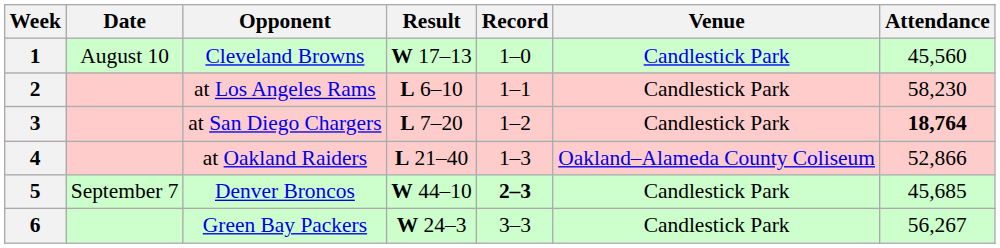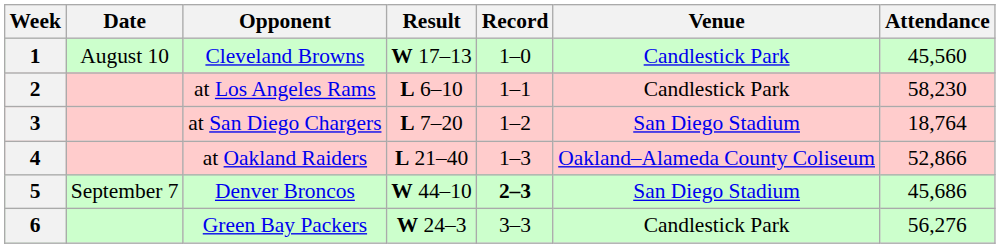 <table class="wikitable" style="text-align:center">
 <tr>
 <th>Week</th>
 <th>Date</th>
 <th>Opponent</th>
 <th>Result</th>
 <th>Record</th>
 <th>Venue</th>
 <th>Attendance</th>
 </tr>
 <tr style="background:#cfc">
 <th>1</th>
 <td>August 10</td>
 <td><a href='#'>Cleveland Browns</a></td>
 <td><strong>W</strong> 17–13</td>
 <td>1–0</td>
 <td><a href='#'>Candlestick Park</a></td>
 <td>45,560</td>
 </tr>
 <tr style="background:#fcc">
 <th>2</th>
 <td></td>
 <td>at <a href='#'>Los Angeles Rams</a></td>
 <td><strong>L</strong> 6–10</td>
 <td>1–1</td>
 <td>Candlestick Park</td>
 <td>58,230</td>
 </tr>
 <tr style="background:#fcc">
 <th>3</th>
 <td></td>
 <td>at <a href='#'>San Diego Chargers</a></td>
 <td><strong>L</strong> 7–20</td>
 <td>1–2</td>
-<td>Candlestick Park</td>
-<td><strong>18,764</strong></td>
+<td><a href='#'>San Diego Stadium</a></td>
+<td>18,764</td>
 </tr>
 <tr style="background:#fcc">
 <th>4</th>
 <td></td>
 <td>at <a href='#'>Oakland Raiders</a></td>
 <td><strong>L</strong> 21–40</td>
 <td>1–3</td>
 <td><a href='#'>Oakland–Alameda County Coliseum</a></td>
 <td>52,866</td>
 </tr>
 <tr style="background:#cfc">
 <th>5</th>
 <td>September 7</td>
 <td><a href='#'>Denver Broncos</a></td>
 <td><strong>W</strong> 44–10</td>
 <td><strong>2–3</strong></td>
-<td>Candlestick Park</td>
-<td>45,685</td>
+<td><a href='#'>San Diego Stadium</a></td>
+<td>45,686</td>
 </tr>
 <tr style="background:#cfc">
 <th>6</th>
 <td></td>
 <td><a href='#'>Green Bay Packers</a></td>
 <td><strong>W</strong> 24–3</td>
 <td>3–3</td>
 <td>Candlestick Park</td>
-<td>56,267</td>
+<td>56,276</td>
 </tr>
 </table>
